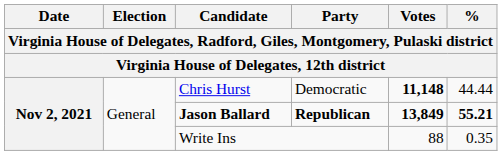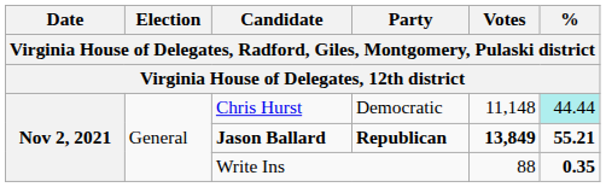 <table class="wikitable">
 <tr>
 <th>Date</th>
 <th>Election</th>
 <th>Candidate</th>
 <th>Party</th>
 <th>Votes</th>
 <th>%</th>
 </tr>
 <tr>
 <th colspan="6"><strong>Virginia House of Delegates, Radford, Giles, Montgomery, Pulaski district</strong></th>
 </tr>
 <tr>
 <th colspan="6"><strong>Virginia House of Delegates, 12th district</strong></th>
 </tr>
 <tr>
 <th rowspan="3">Nov 2, 2021</th>
 <td rowspan="3">General</td>
 <td><a href='#'>Chris Hurst</a></td>
 <td>Democratic</td>
-<td align="right"><strong>11,148</strong></td>
-<td align="right">44.44</td>
+<td align="right">11,148</td>
+<td align="right" style="background: paleturquoise;">44.44</td>
 </tr>
 <tr>
 <td><strong>Jason Ballard</strong></td>
 <td><strong>Republican</strong></td>
 <td align="right"><strong>13,849</strong></td>
 <td align="right"><strong>55.21</strong></td>
 </tr>
 <tr>
 <td colspan="2">Write Ins</td>
 <td align="right">88</td>
-<td align="right">0.35</td>
+<td align="right"><strong>0.35</strong></td>
 </tr>
 </table>
